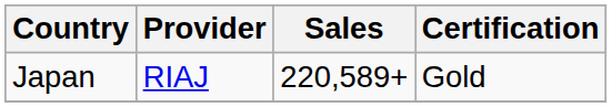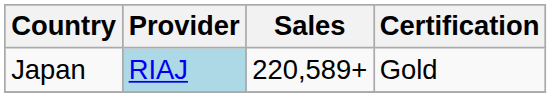 <table class="wikitable" border="1">
 <tr>
 <th>Country</th>
 <th>Provider</th>
 <th>Sales</th>
 <th>Certification</th>
 </tr>
 <tr>
 <td>Japan</td>
-<td><a href='#'>RIAJ</a></td>
+<td style="background: lightblue;"><a href='#'>RIAJ</a></td>
 <td>220,589+</td>
 <td>Gold</td>
 </tr>
 <tr>
 </tr>
 </table>
